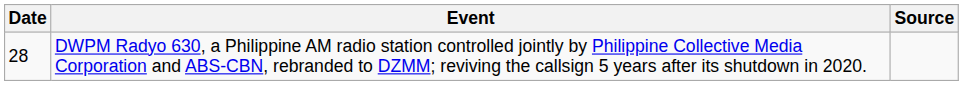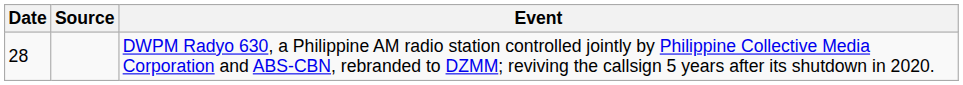 <table class=wikitable>
 <tr>
 <th>Date</th>
+<th>Source</th>
 <th>Event</th>
-<th>Source</th>
 </tr>
 <tr>
 <td>28</td>
+<td></td>
 <td><a href='#'>DWPM Radyo 630</a>, a Philippine AM radio station controlled jointly by <a href='#'>Philippine Collective Media Corporation</a> and <a href='#'>ABS-CBN</a>, rebranded to <a href='#'>DZMM</a>; reviving the callsign 5 years after its shutdown in 2020.</td>
-<td></td>
 </tr>
 </table>
